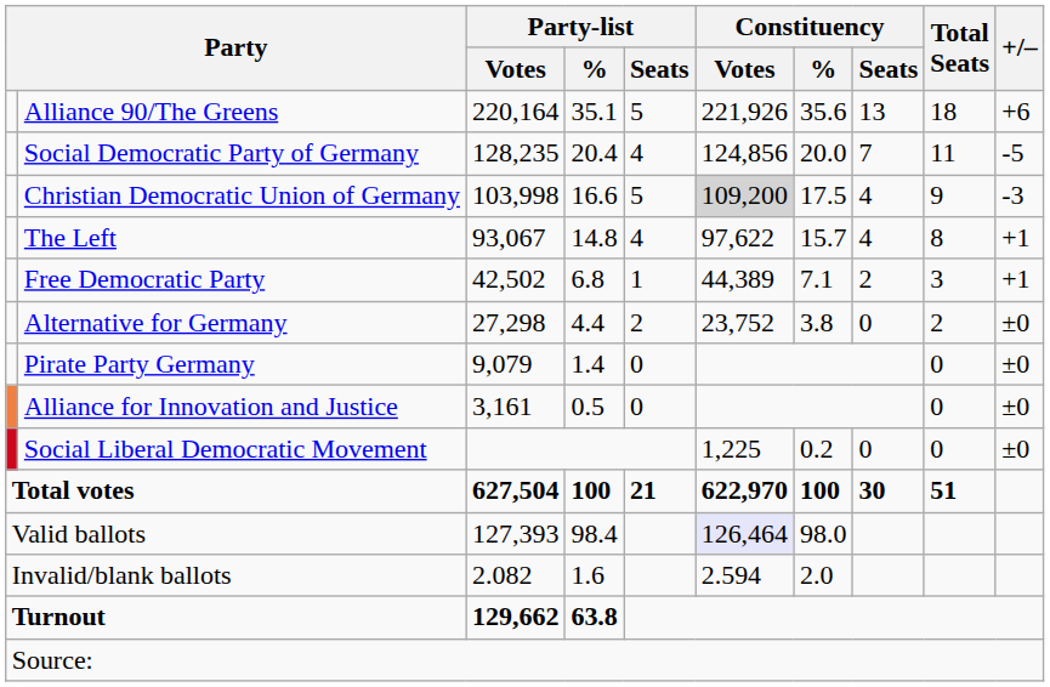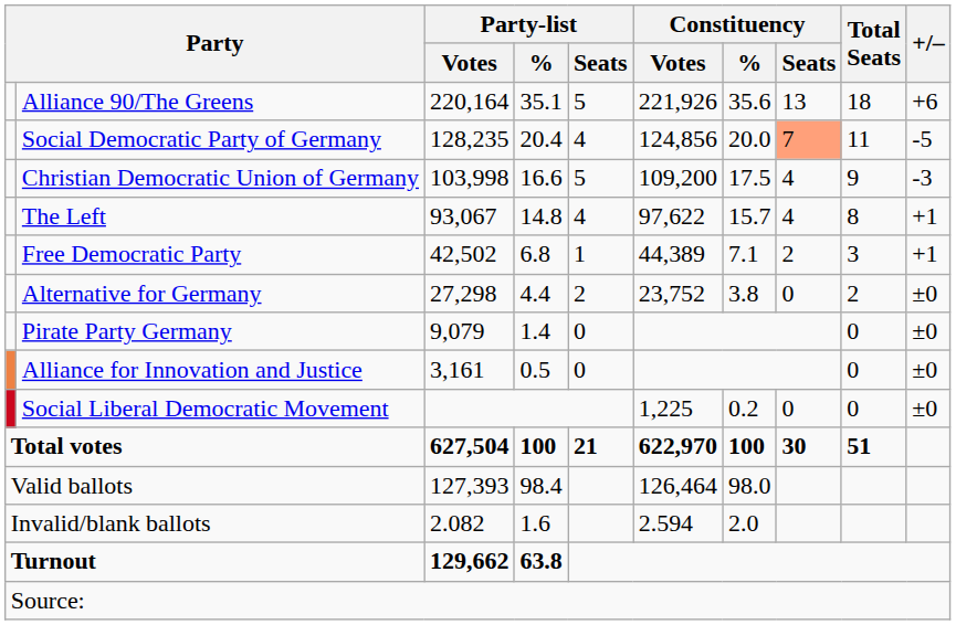 <table class="wikitable">
 <tr>
 <th colspan="2" rowspan="2">Party</th>
 <th colspan="3"><strong>Party-list</strong></th>
 <th colspan="3"><strong>Constituency</strong></th>
 <th rowspan="2">Total<br>Seats</th>
 <th rowspan="2">+/–</th>
 </tr>
 <tr>
 <th>Votes</th>
 <th>%</th>
 <th>Seats</th>
 <th>Votes</th>
 <th>%</th>
 <th>Seats</th>
 </tr>
 <tr>
 <td></td>
 <td><a href='#'>Alliance 90/The Greens</a></td>
 <td>220,164</td>
 <td>35.1</td>
 <td>5</td>
 <td>221,926</td>
 <td>35.6</td>
 <td>13</td>
 <td>18</td>
 <td>+6</td>
 </tr>
 <tr>
 <td></td>
 <td><a href='#'>Social Democratic Party of Germany</a></td>
 <td>128,235</td>
 <td>20.4</td>
 <td>4</td>
 <td>124,856</td>
 <td>20.0</td>
-<td>7</td>
+<td style="background: lightsalmon;">7</td>
 <td>11</td>
 <td>-5</td>
 </tr>
 <tr>
 <td></td>
 <td><a href='#'>Christian Democratic Union of Germany</a></td>
 <td>103,998</td>
 <td>16.6</td>
 <td>5</td>
-<td style="background: lightgrey;">109,200</td>
+<td>109,200</td>
 <td>17.5</td>
 <td>4</td>
 <td>9</td>
 <td>-3</td>
 </tr>
 <tr>
 <td></td>
 <td><a href='#'>The Left</a></td>
 <td>93,067</td>
 <td>14.8</td>
 <td>4</td>
 <td>97,622</td>
 <td>15.7</td>
 <td>4</td>
 <td>8</td>
 <td>+1</td>
 </tr>
 <tr>
 <td></td>
 <td><a href='#'>Free Democratic Party</a></td>
 <td>42,502</td>
 <td>6.8</td>
 <td>1</td>
 <td>44,389</td>
 <td>7.1</td>
 <td>2</td>
 <td>3</td>
 <td>+1</td>
 </tr>
 <tr>
 <td></td>
 <td><a href='#'>Alternative for Germany</a></td>
 <td>27,298</td>
 <td>4.4</td>
 <td>2</td>
 <td>23,752</td>
 <td>3.8</td>
 <td>0</td>
 <td>2</td>
 <td>±0</td>
 </tr>
 <tr>
 <td></td>
 <td><a href='#'>Pirate Party Germany</a></td>
 <td>9,079</td>
 <td>1.4</td>
 <td>0</td>
 <td colspan="3"></td>
 <td>0</td>
 <td>±0</td>
 </tr>
 <tr>
 <td bgcolor="#EE8143"></td>
 <td><a href='#'>Alliance for Innovation and Justice</a></td>
 <td>3,161</td>
 <td>0.5</td>
 <td>0</td>
 <td colspan="3"></td>
 <td>0</td>
 <td>±0</td>
 </tr>
 <tr>
 <td bgcolor="#CC071E"></td>
 <td><a href='#'>Social Liberal Democratic Movement</a></td>
 <td colspan="3"></td>
 <td>1,225</td>
 <td>0.2</td>
 <td>0</td>
 <td>0</td>
 <td>±0</td>
 </tr>
 <tr>
 <td colspan="2"><strong>Total votes</strong></td>
 <td><strong>627,504</strong></td>
 <td><strong>100</strong></td>
 <td><strong>21</strong></td>
 <td><strong>622,970</strong></td>
 <td><strong>100</strong></td>
 <td><strong>30</strong></td>
 <td><strong>51</strong></td>
 <td></td>
 </tr>
 <tr>
 <td colspan="2">Valid ballots</td>
 <td>127,393</td>
 <td>98.4</td>
 <td></td>
-<td style="background: lavender;">126,464</td>
+<td>126,464</td>
 <td>98.0</td>
 <td></td>
 <td></td>
 <td></td>
 </tr>
 <tr>
 <td colspan="2">Invalid/blank ballots</td>
 <td>2.082</td>
 <td>1.6</td>
 <td></td>
 <td>2.594</td>
 <td>2.0</td>
 <td></td>
 <td></td>
 <td></td>
 </tr>
 <tr>
 <td colspan="2"><strong>Turnout</strong></td>
 <td><strong>129,662</strong></td>
 <td><strong>63.8</strong></td>
 <td colspan="6"></td>
 </tr>
 <tr>
 <td colspan="10">Source: </td>
 </tr>
 </table>
